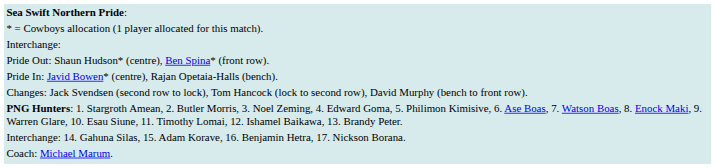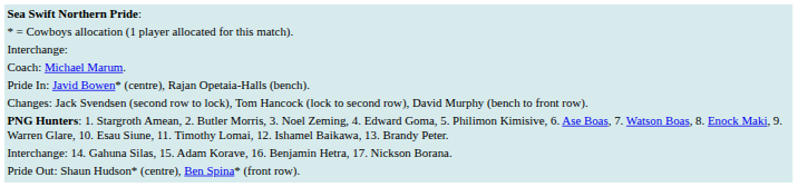 <table style="background:#d7ebed; font-size:85%; width:100%;">
 <tr>
 <td><strong>Sea Swift Northern Pride</strong>:             </td>
 </tr>
 <tr>
 <td>* = Cowboys allocation (1 player allocated for this match).</td>
 </tr>
 <tr>
 <td>Interchange:    </td>
 </tr>
 <tr>
-<td>Pride Out: Shaun Hudson* (centre), <a href='#'>Ben Spina</a>* (front row).</td>
+<td>Coach: <a href='#'>Michael Marum</a>.</td>
 </tr>
 <tr>
 <td>Pride In: <a href='#'>Javid Bowen</a>* (centre), Rajan Opetaia-Halls (bench).</td>
 </tr>
 <tr>
 <td>Changes: Jack Svendsen (second row to lock), Tom Hancock (lock to second row), David Murphy (bench to front row).</td>
 </tr>
 <tr>
 <td><strong>PNG Hunters</strong>: 1. Stargroth Amean, 2. Butler Morris, 3. Noel Zeming, 4. Edward Goma, 5. Philimon Kimisive, 6. <a href='#'>Ase Boas</a>, 7. <a href='#'>Watson Boas</a>, 8. <a href='#'>Enock Maki</a>, 9. Warren Glare, 10. Esau Siune, 11. Timothy Lomai, 12. Ishamel Baikawa, 13. Brandy Peter.</td>
 </tr>
 <tr>
 <td>Interchange: 14. Gahuna Silas, 15. Adam Korave, 16. Benjamin Hetra, 17. Nickson Borana.</td>
 </tr>
 <tr>
-<td>Coach: <a href='#'>Michael Marum</a>.</td>
+<td>Pride Out: Shaun Hudson* (centre), <a href='#'>Ben Spina</a>* (front row).</td>
 </tr>
 <tr>
 </tr>
 </table>
